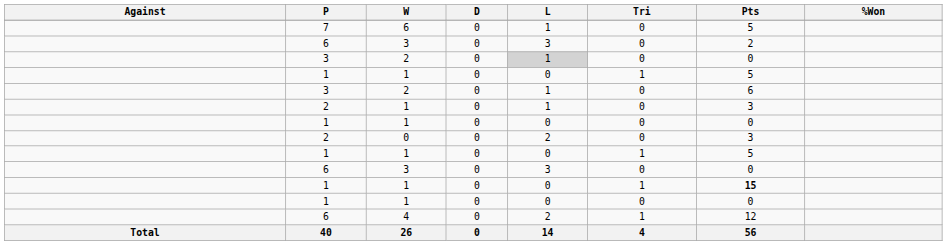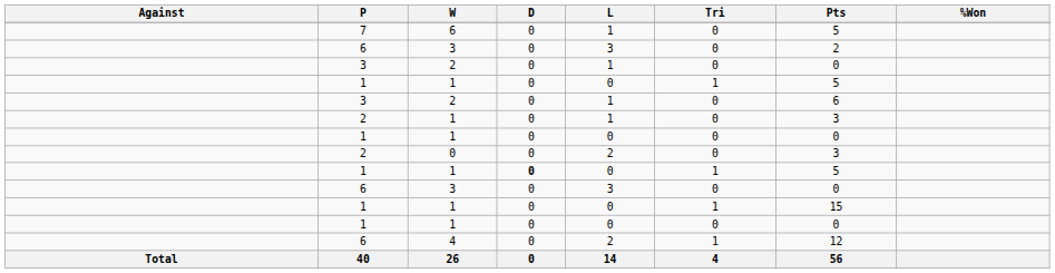 <table class="wikitable sortable"  style="text-align:center; font-size:95%; width:75%;">
 <tr>
 <th style="width:30%;">Against</th>
 <th abbr="Played" style="width:15px;">P</th>
 <th abbr="Won" style="width:10px;">W</th>
 <th abbr="Drawn" style="width:10px;">D</th>
 <th abbr="Lost" style="width:10px;">L</th>
 <th abbr="Tries" style="width:15px;">Tri</th>
 <th abbr="Points" style="width:18px;">Pts</th>
 <th abbr="Won" style="width:18px;">%Won</th>
 </tr>
 <tr bgcolor="#d0ffd0" align="center">
 </tr>
 <tr>
 <td align="left"></td>
 <td>7</td>
 <td>6</td>
 <td>0</td>
 <td>1</td>
 <td>0</td>
 <td>5</td>
 <td></td>
 </tr>
 <tr>
 <td align="left"></td>
 <td>6</td>
 <td>3</td>
 <td>0</td>
 <td>3</td>
 <td>0</td>
 <td>2</td>
 <td></td>
 </tr>
 <tr>
 <td align="left"></td>
 <td>3</td>
 <td>2</td>
 <td>0</td>
-<td style="background: lightgrey;">1</td>
+<td>1</td>
 <td>0</td>
 <td>0</td>
 <td></td>
 </tr>
 <tr>
 <td align="left"></td>
 <td>1</td>
 <td>1</td>
 <td>0</td>
 <td>0</td>
 <td>1</td>
 <td>5</td>
 <td></td>
 </tr>
 <tr>
 <td align="left"></td>
 <td>3</td>
 <td>2</td>
 <td>0</td>
 <td>1</td>
 <td>0</td>
 <td>6</td>
 <td></td>
 </tr>
 <tr>
 <td align="left"></td>
 <td>2</td>
 <td>1</td>
 <td>0</td>
 <td>1</td>
 <td>0</td>
 <td>3</td>
 <td></td>
 </tr>
 <tr>
 <td align="left"></td>
 <td>1</td>
 <td>1</td>
 <td>0</td>
 <td>0</td>
 <td>0</td>
 <td>0</td>
 <td></td>
 </tr>
 <tr>
 <td align="left"></td>
 <td>2</td>
 <td>0</td>
 <td>0</td>
 <td>2</td>
 <td>0</td>
 <td>3</td>
 <td></td>
 </tr>
 <tr>
 <td align="left"></td>
 <td>1</td>
 <td>1</td>
-<td>0</td>
+<td><strong>0</strong></td>
 <td>0</td>
 <td>1</td>
 <td>5</td>
 <td></td>
 </tr>
 <tr>
 <td align="left"></td>
 <td>6</td>
 <td>3</td>
 <td>0</td>
 <td>3</td>
 <td>0</td>
 <td>0</td>
 <td></td>
 </tr>
 <tr>
 <td align="left"></td>
 <td>1</td>
 <td>1</td>
 <td>0</td>
 <td>0</td>
 <td>1</td>
-<td><strong>15</strong></td>
+<td>15</td>
 <td></td>
 </tr>
 <tr>
 <td align="left"></td>
 <td>1</td>
 <td>1</td>
 <td>0</td>
 <td>0</td>
 <td>0</td>
 <td>0</td>
 <td></td>
 </tr>
 <tr>
 <td align="left"></td>
 <td>6</td>
 <td>4</td>
 <td>0</td>
 <td>2</td>
 <td>1</td>
 <td>12</td>
 <td></td>
 </tr>
 <tr>
 <th>Total</th>
 <th>40</th>
 <th>26</th>
 <th>0</th>
 <th>14</th>
 <th>4</th>
 <th>56</th>
 <th></th>
 </tr>
 </table>
